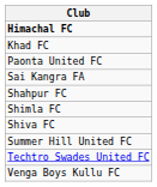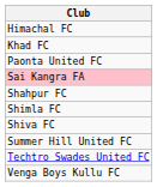 <table class="wikitable" style="text-align:center;">
 <tr>
 <th>Club</th>
 </tr>
 <tr>
-<td style="text-align:left;"><strong>Himachal FC</strong></td>
+<td style="text-align:left;">Himachal FC</td>
 </tr>
 <tr>
 <td style="text-align:left;">Khad FC</td>
 </tr>
 <tr>
 <td style="text-align:left;">Paonta United FC</td>
 </tr>
 <tr>
-<td style="text-align:left;">Sai Kangra FA</td>
+<td style="background: pink; text-align:left;">Sai Kangra FA</td>
 </tr>
 <tr>
 <td style="text-align:left;">Shahpur FC</td>
 </tr>
 <tr>
 <td style="text-align:left;">Shimla FC</td>
 </tr>
 <tr>
 <td style="text-align:left;">Shiva FC</td>
 </tr>
 <tr>
 <td style="text-align:left;">Summer Hill United FC</td>
 </tr>
 <tr>
 <td style="text-align:left;"><a href='#'>Techtro Swades United FC</a></td>
 </tr>
 <tr>
 <td style="text-align:left;">Venga Boys Kullu FC</td>
 </tr>
 </table>
